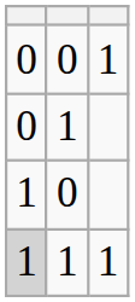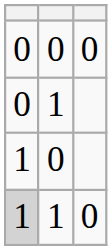 <table class="wikitable">
 <tr>
 <th></th>
 <th></th>
 <th></th>
 </tr>
 <tr>
 <td>0</td>
 <td>0</td>
-<td>1</td>
+<td>0</td>
 </tr>
 <tr>
 <td>0</td>
 <td>1</td>
 <td></td>
 </tr>
 <tr>
 <td>1</td>
 <td>0</td>
 <td></td>
 </tr>
 <tr>
 <td style="background: lightgrey;">1</td>
 <td>1</td>
-<td>1</td>
+<td>0</td>
 </tr>
 </table>
